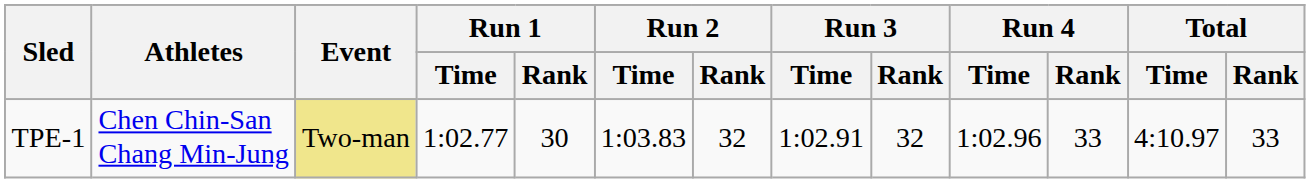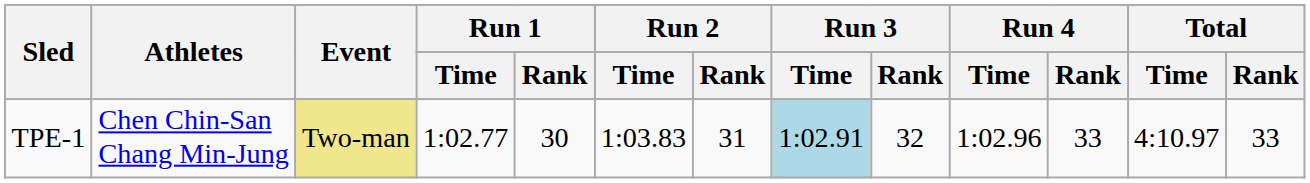 <table class="wikitable" border="1" style="font-size:90%">
 <tr>
 <th rowspan="2">Sled</th>
 <th rowspan="2">Athletes</th>
 <th rowspan="2">Event</th>
 <th colspan="2">Run 1</th>
 <th colspan="2">Run 2</th>
 <th colspan="2">Run 3</th>
 <th colspan="2">Run 4</th>
 <th colspan="2">Total</th>
 </tr>
 <tr>
 <th>Time</th>
 <th>Rank</th>
 <th>Time</th>
 <th>Rank</th>
 <th>Time</th>
 <th>Rank</th>
 <th>Time</th>
 <th>Rank</th>
 <th>Time</th>
 <th>Rank</th>
 </tr>
 <tr>
 <td align="center">TPE-1</td>
 <td><a href='#'>Chen Chin-San</a><br><a href='#'>Chang Min-Jung</a></td>
 <td style="background: khaki;">Two-man</td>
 <td align="center">1:02.77</td>
 <td align="center">30</td>
 <td align="center">1:03.83</td>
-<td align="center">32</td>
-<td align="center">1:02.91</td>
+<td align="center">31</td>
+<td align="center" style="background: lightblue;">1:02.91</td>
 <td align="center">32</td>
 <td align="center">1:02.96</td>
 <td align="center">33</td>
 <td align="center">4:10.97</td>
 <td align="center">33</td>
 </tr>
 </table>
